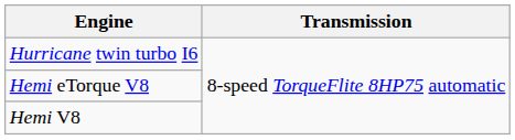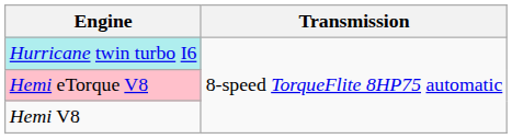 <table class="wikitable" style="font-size:90%;">
 <tr>
 <th>Engine</th>
 <th>Transmission</th>
 </tr>
 <tr>
-<td> <em><a href='#'>Hurricane</a></em> <a href='#'>twin turbo</a> <a href='#'>I6</a></td>
+<td style="background: paleturquoise;"> <em><a href='#'>Hurricane</a></em> <a href='#'>twin turbo</a> <a href='#'>I6</a></td>
 <td rowspan="3">8-speed <em><a href='#'>TorqueFlite 8HP75</a></em> <a href='#'>automatic</a></td>
 </tr>
 <tr>
-<td> <em><a href='#'>Hemi</a></em> eTorque <a href='#'>V8</a></td>
+<td style="background: pink;"> <em><a href='#'>Hemi</a></em> eTorque <a href='#'>V8</a></td>
 </tr>
 <tr>
 <td> <em>Hemi</em> V8</td>
 </tr>
 </table>
